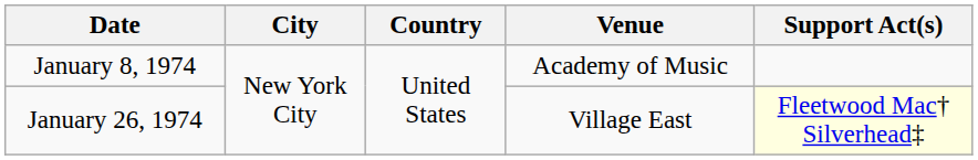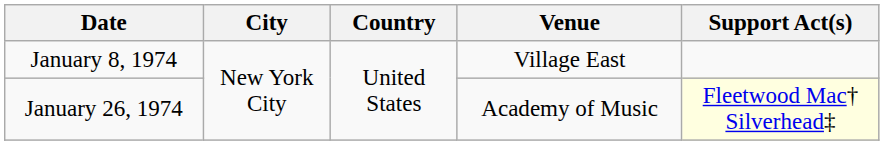 <table class="wikitable" style="text-align:center;">
 <tr>
 <th width="200">Date</th>
 <th width="125">City</th>
 <th width="100">Country</th>
 <th width="225">Venue</th>
 <th width="175">Support Act(s)</th>
 </tr>
 <tr>
 <td>January 8, 1974</td>
 <td rowspan="2">New York City</td>
 <td rowspan="2">United States</td>
-<td>Academy of Music</td>
+<td>Village East</td>
 <td></td>
 </tr>
 <tr>
 <td>January 26, 1974</td>
-<td>Village East</td>
+<td>Academy of Music</td>
 <td style="background: lightyellow;"><a href='#'>Fleetwood Mac</a>†<br><a href='#'>Silverhead</a>‡</td>
 </tr>
 </table>
